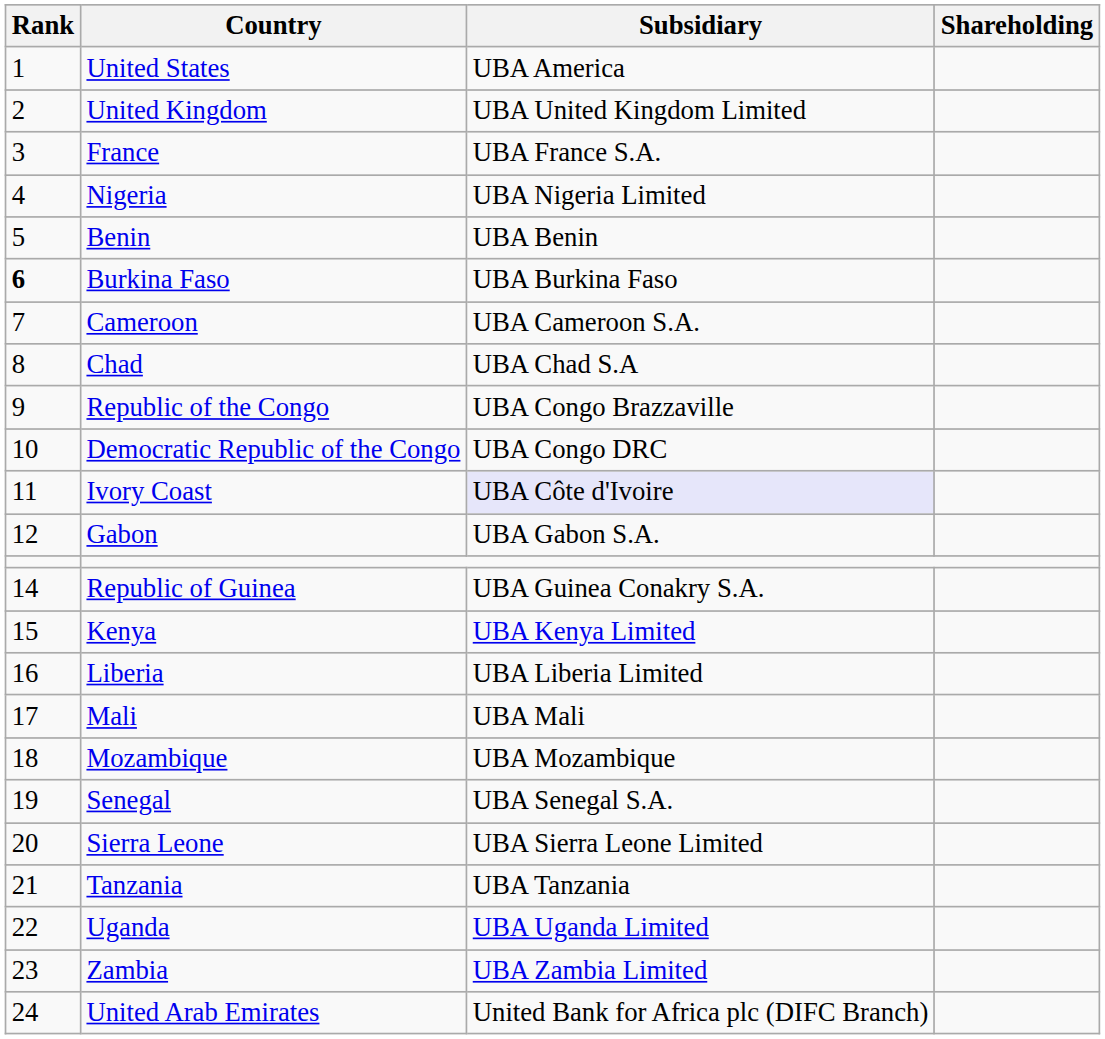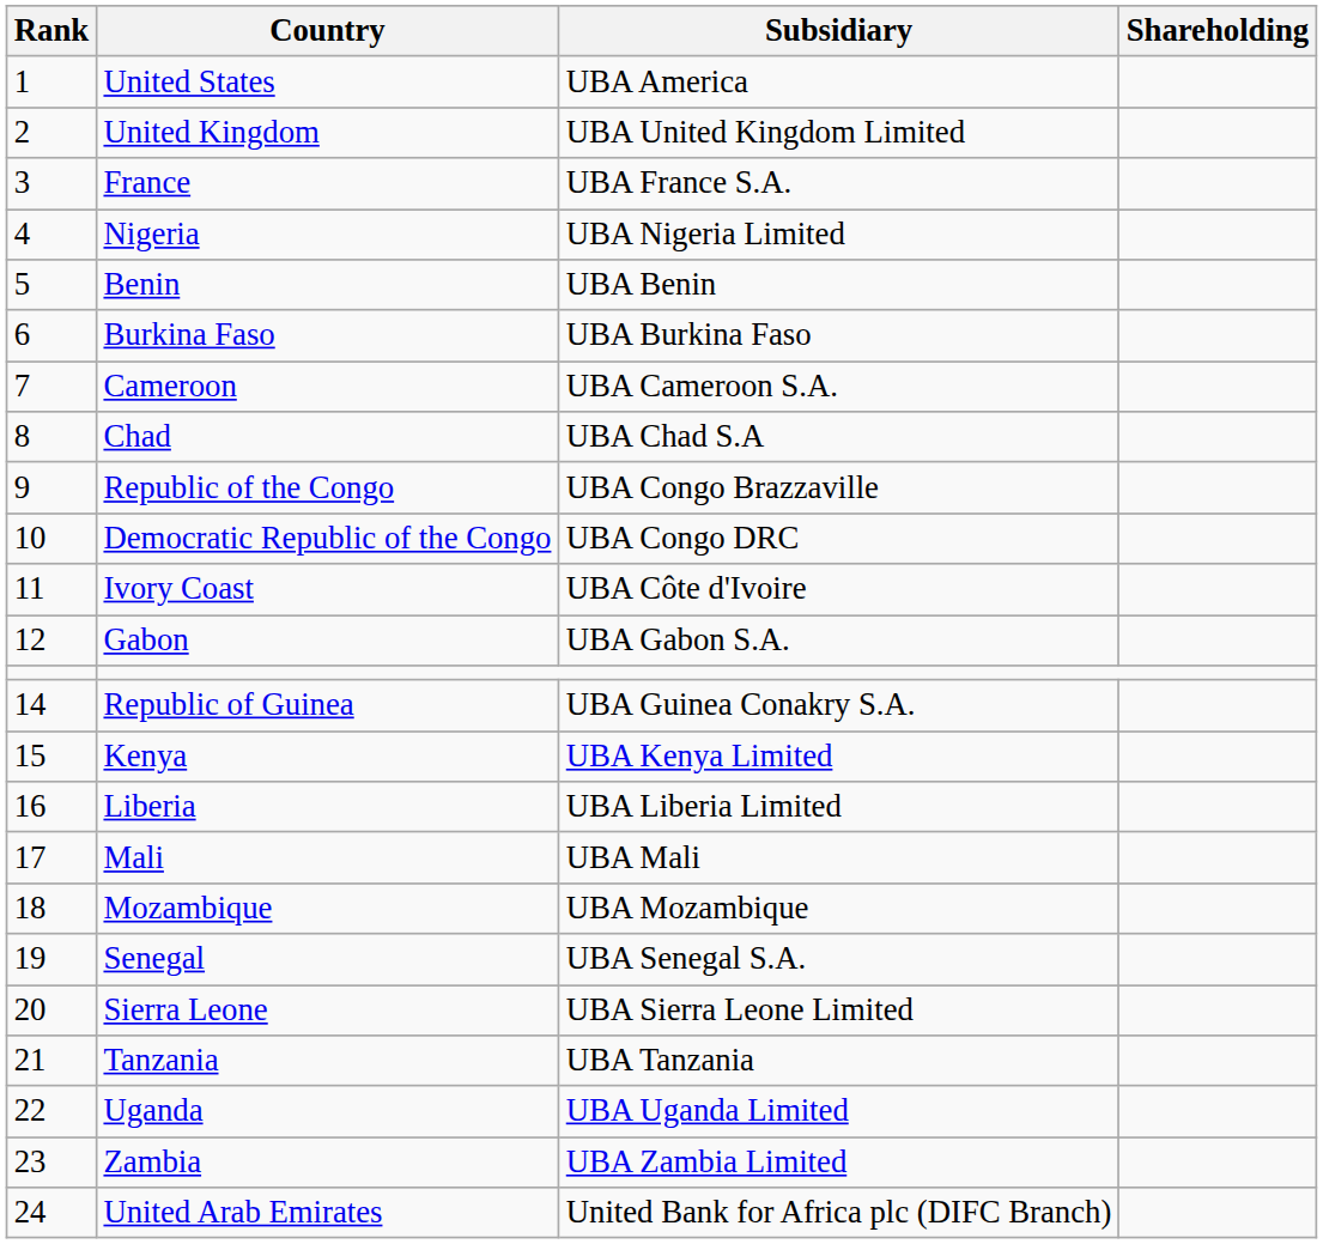 <table class="wikitable sortable" style="margin: 0.5em auto">
 <tr>
 <th>Rank</th>
 <th>Country</th>
 <th>Subsidiary</th>
 <th>Shareholding</th>
 </tr>
 <tr>
 <td>1</td>
 <td><a href='#'>United States</a></td>
 <td>UBA America</td>
 <td></td>
 </tr>
 <tr>
 <td>2</td>
 <td><a href='#'>United Kingdom</a></td>
 <td>UBA United Kingdom Limited</td>
 <td></td>
 </tr>
 <tr>
 <td>3</td>
 <td><a href='#'>France</a></td>
 <td>UBA France S.A.</td>
 <td></td>
 </tr>
 <tr>
 <td>4</td>
 <td><a href='#'>Nigeria</a></td>
 <td>UBA Nigeria Limited</td>
 <td></td>
 </tr>
 <tr>
 <td>5</td>
 <td><a href='#'>Benin</a></td>
 <td>UBA Benin</td>
 <td></td>
 </tr>
 <tr>
-<td><strong>6</strong></td>
+<td>6</td>
 <td><a href='#'>Burkina Faso</a></td>
 <td>UBA Burkina Faso</td>
 <td></td>
 </tr>
 <tr>
 <td>7</td>
 <td><a href='#'>Cameroon</a></td>
 <td>UBA Cameroon S.A.</td>
 <td></td>
 </tr>
 <tr>
 <td>8</td>
 <td><a href='#'>Chad</a></td>
 <td>UBA Chad S.A</td>
 <td></td>
 </tr>
 <tr>
 <td>9</td>
 <td><a href='#'>Republic of the Congo</a></td>
 <td>UBA Congo Brazzaville</td>
 <td></td>
 </tr>
 <tr>
 <td>10</td>
 <td><a href='#'>Democratic Republic of the Congo</a></td>
 <td>UBA Congo DRC</td>
 <td></td>
 </tr>
 <tr>
 <td>11</td>
 <td><a href='#'>Ivory Coast</a></td>
-<td style="background: lavender;">UBA Côte d'Ivoire</td>
+<td>UBA Côte d'Ivoire</td>
 <td></td>
 </tr>
 <tr>
 <td>12</td>
 <td><a href='#'>Gabon</a></td>
 <td>UBA Gabon S.A.</td>
 <td></td>
 </tr>
 <tr>
 <td></td>
 </tr>
 <tr>
 <td>14</td>
 <td><a href='#'>Republic of Guinea</a></td>
 <td>UBA Guinea Conakry S.A.</td>
 <td></td>
 </tr>
 <tr>
 <td>15</td>
 <td><a href='#'>Kenya</a></td>
 <td><a href='#'>UBA Kenya Limited</a></td>
 <td></td>
 </tr>
 <tr>
 <td>16</td>
 <td><a href='#'>Liberia</a></td>
 <td>UBA Liberia Limited</td>
 <td></td>
 </tr>
 <tr>
 <td>17</td>
 <td><a href='#'>Mali</a></td>
 <td>UBA Mali</td>
 <td></td>
 </tr>
 <tr>
 <td>18</td>
 <td><a href='#'>Mozambique</a></td>
 <td>UBA Mozambique</td>
 <td></td>
 </tr>
 <tr>
 <td>19</td>
 <td><a href='#'>Senegal</a></td>
 <td>UBA Senegal S.A.</td>
 <td></td>
 </tr>
 <tr>
 <td>20</td>
 <td><a href='#'>Sierra Leone</a></td>
 <td>UBA Sierra Leone Limited</td>
 <td></td>
 </tr>
 <tr>
 <td>21</td>
 <td><a href='#'>Tanzania</a></td>
 <td>UBA Tanzania</td>
 <td></td>
 </tr>
 <tr>
 <td>22</td>
 <td><a href='#'>Uganda</a></td>
 <td><a href='#'>UBA Uganda Limited</a></td>
 <td></td>
 </tr>
 <tr>
 <td>23</td>
 <td><a href='#'>Zambia</a></td>
 <td><a href='#'>UBA Zambia Limited</a></td>
 <td></td>
 </tr>
 <tr>
 <td>24</td>
 <td><a href='#'>United Arab Emirates</a></td>
 <td>United Bank for Africa plc (DIFC Branch)</td>
 <td></td>
 </tr>
 </table>
